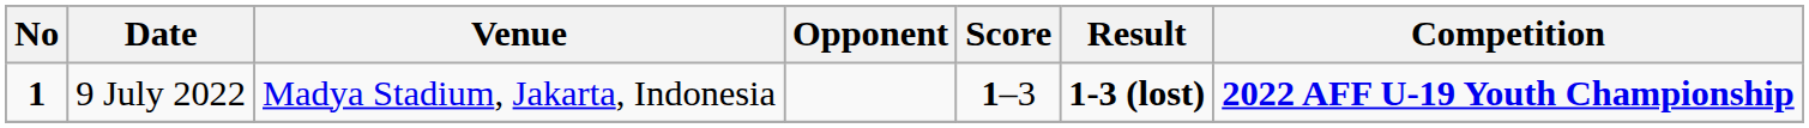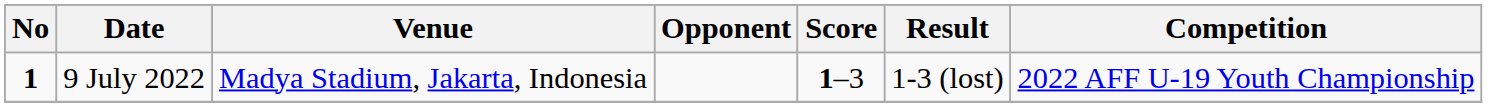 <table class="wikitable">
 <tr>
 <th>No</th>
 <th>Date</th>
 <th>Venue</th>
 <th>Opponent</th>
 <th>Score</th>
 <th>Result</th>
 <th>Competition</th>
 </tr>
 <tr>
 <td align=center><strong>1</strong></td>
 <td>9 July 2022</td>
 <td><a href='#'>Madya Stadium</a>, <a href='#'>Jakarta</a>, Indonesia</td>
 <td></td>
 <td align=center><strong>1</strong>–3</td>
-<td align=center><strong>1-3 (lost)</strong></td>
-<td><strong><a href='#'>2022 AFF U-19 Youth Championship</a></strong></td>
+<td align=center>1-3 (lost)</td>
+<td><a href='#'>2022 AFF U-19 Youth Championship</a></td>
 </tr>
 <tr>
 </tr>
 </table>
